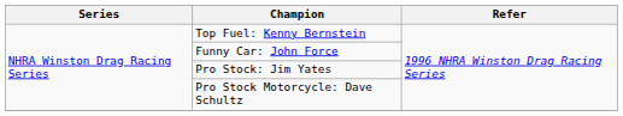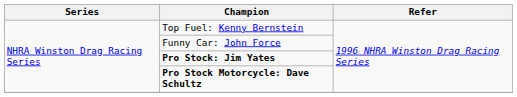 <table class="wikitable" style="font-size:87%;">
 <tr>
 <th>Series</th>
 <th>Champion</th>
 <th>Refer</th>
 </tr>
 <tr>
 <td rowspan=4><a href='#'>NHRA Winston Drag Racing Series</a></td>
 <td>Top Fuel:  <a href='#'>Kenny Bernstein</a></td>
 <td rowspan=4><em><a href='#'>1996 NHRA Winston Drag Racing Series</a></em></td>
 </tr>
 <tr>
 <td>Funny Car:  <a href='#'>John Force</a></td>
 </tr>
 <tr>
-<td>Pro Stock:  Jim Yates</td>
+<td><strong>Pro Stock:  Jim Yates</strong></td>
 </tr>
 <tr>
-<td>Pro Stock Motorcycle:  Dave Schultz</td>
+<td><strong>Pro Stock Motorcycle:  Dave Schultz</strong></td>
 </tr>
 <tr>
 </tr>
 </table>
